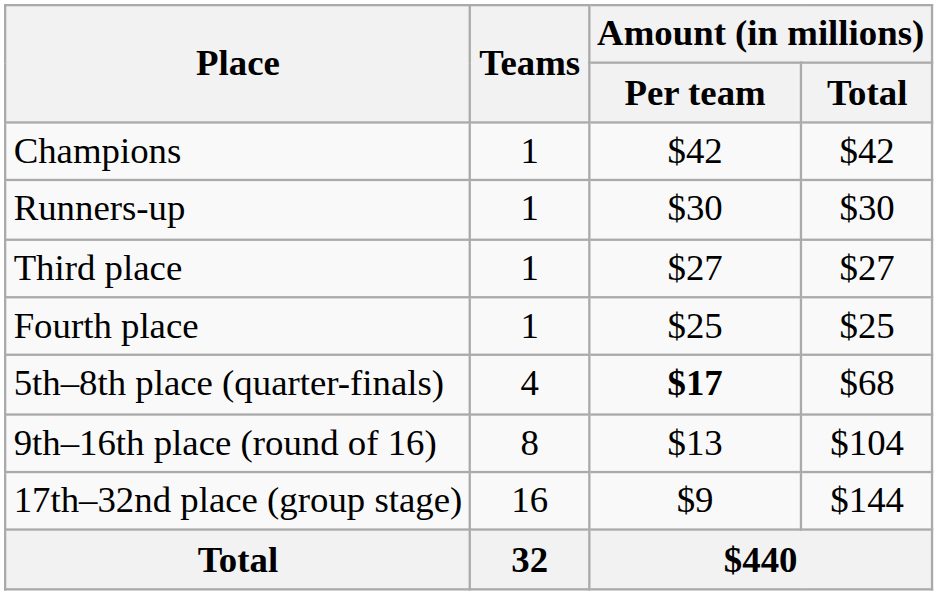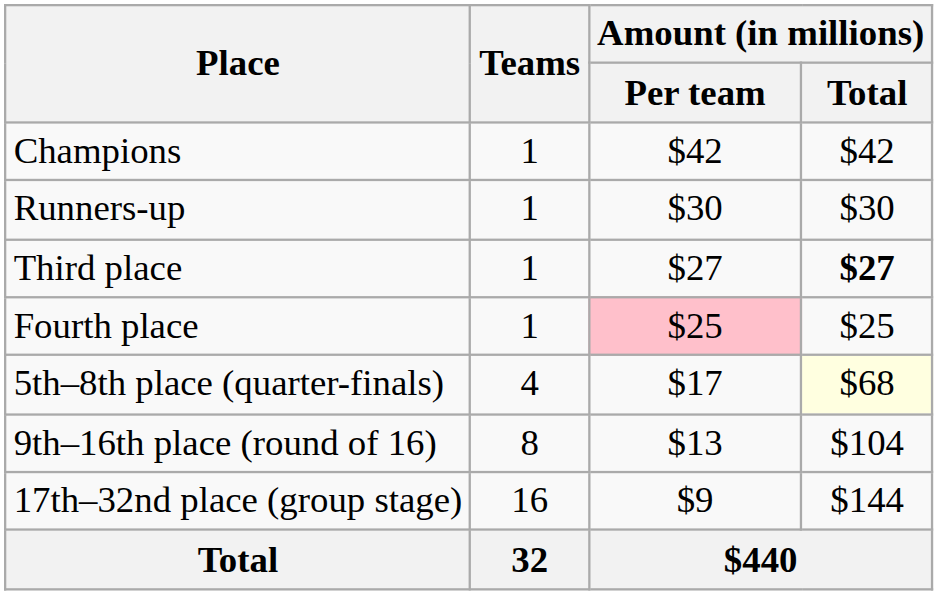 <table class="wikitable sortable" style="text-align:center;">
 <tr>
 <th rowspan="2">Place</th>
 <th rowspan="2">Teams</th>
 <th colspan="2">Amount (in millions)</th>
 </tr>
 <tr>
 <th>Per team</th>
 <th>Total</th>
 </tr>
 <tr>
 <td style="text-align:left;">Champions</td>
 <td>1</td>
 <td>$42</td>
 <td>$42</td>
 </tr>
 <tr>
 <td style="text-align:left;">Runners-up</td>
 <td>1</td>
 <td>$30</td>
 <td>$30</td>
 </tr>
 <tr>
 <td style="text-align:left;">Third place</td>
 <td>1</td>
 <td>$27</td>
-<td>$27</td>
+<td><strong>$27</strong></td>
 </tr>
 <tr>
 <td style="text-align:left;">Fourth place</td>
 <td>1</td>
-<td>$25</td>
+<td style="background: pink;">$25</td>
 <td>$25</td>
 </tr>
 <tr>
 <td style="text-align:left;">5th–8th place (quarter-finals)</td>
 <td>4</td>
-<td><strong>$17</strong></td>
-<td>$68</td>
+<td>$17</td>
+<td style="background: lightyellow;">$68</td>
 </tr>
 <tr>
 <td style="text-align:left;">9th–16th place (round of 16)</td>
 <td>8</td>
 <td>$13</td>
 <td>$104</td>
 </tr>
 <tr>
 <td style="text-align:left;">17th–32nd place (group stage)</td>
 <td>16</td>
 <td>$9</td>
 <td>$144</td>
 </tr>
 <tr>
 <th>Total</th>
 <th>32</th>
 <th colspan="2">$440</th>
 </tr>
 </table>
